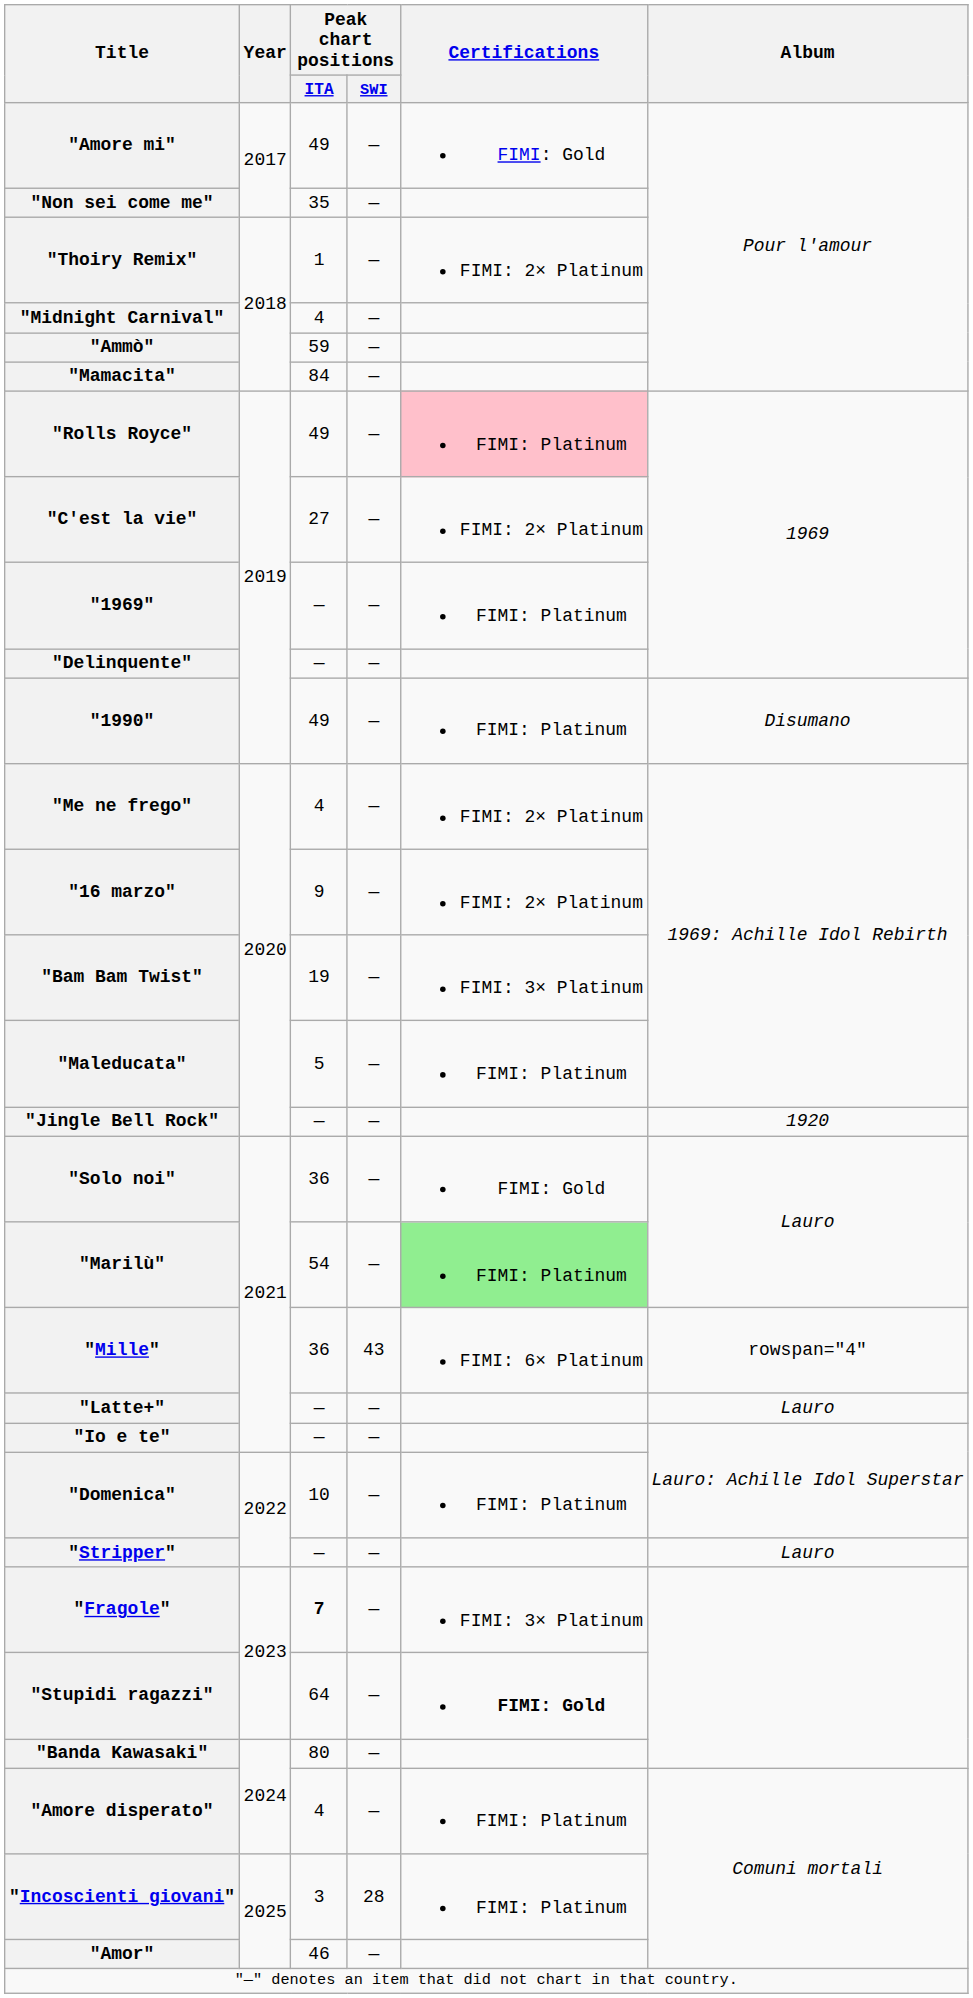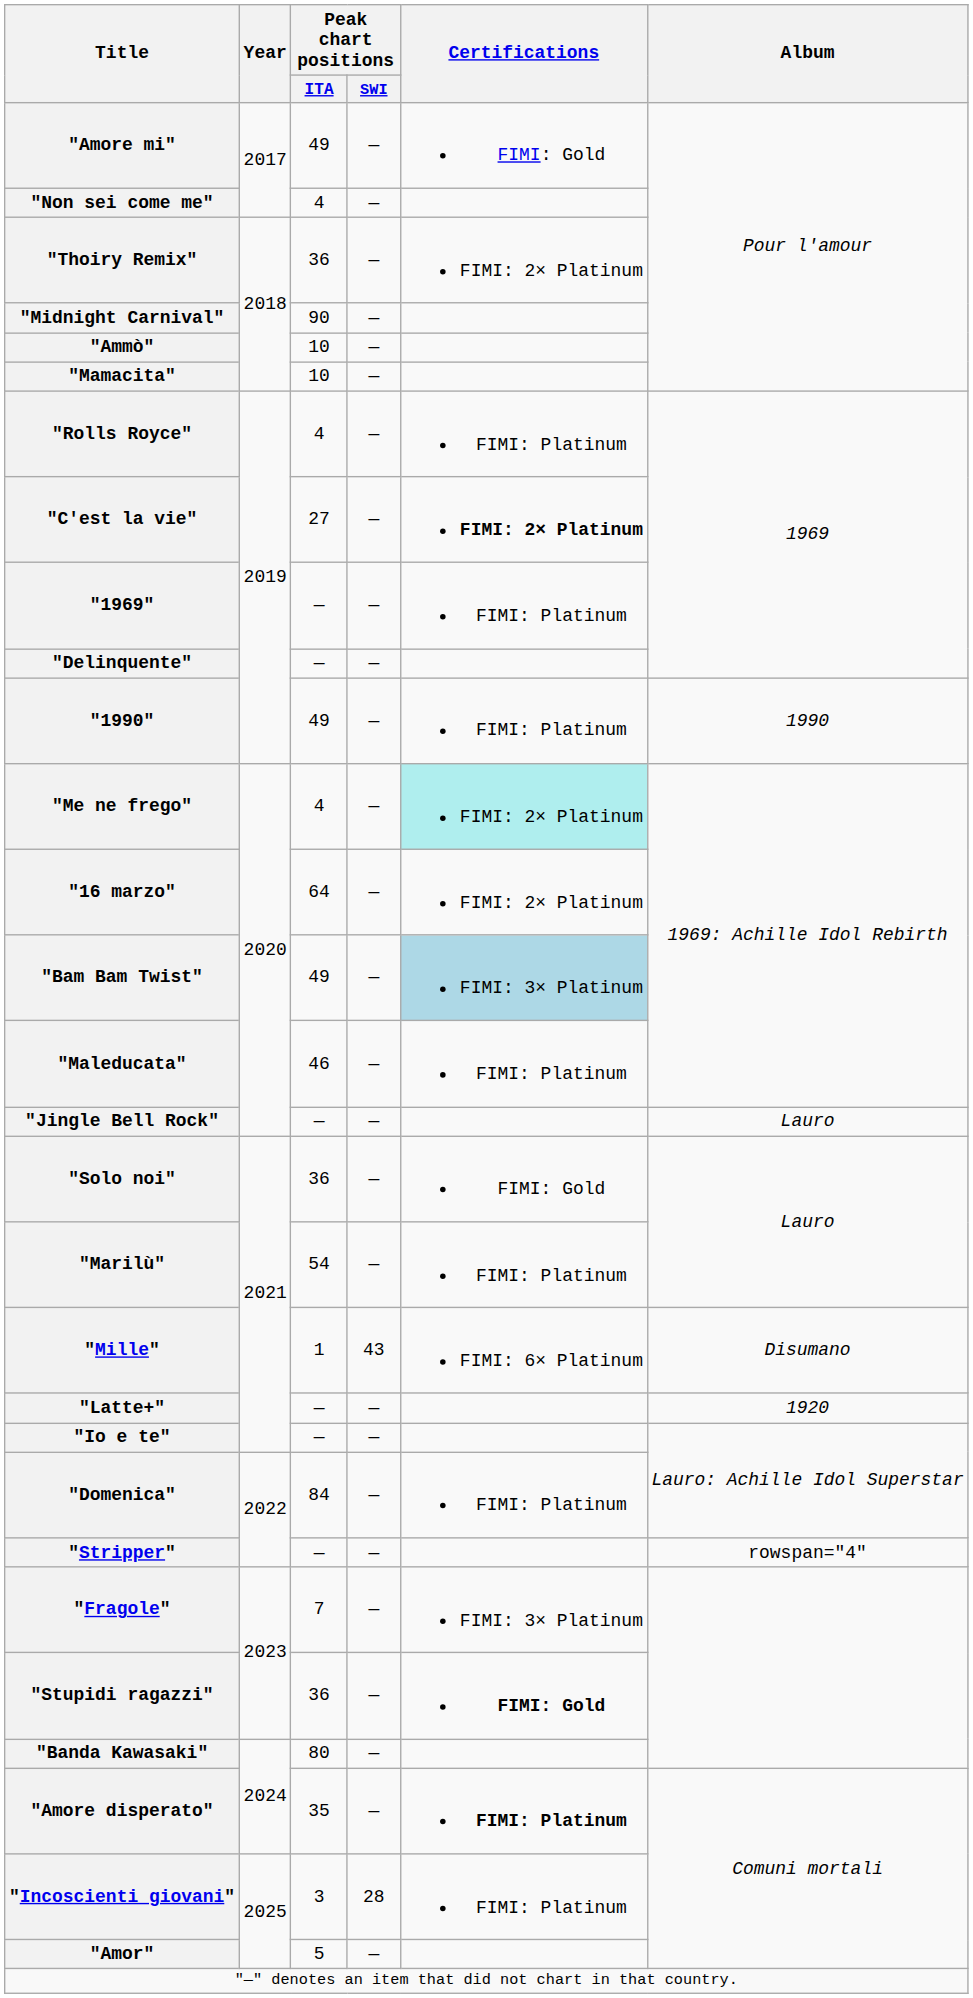 <table class="wikitable plainrowheaders" style="text-align:center;">
 <tr>
 <th scope="col" rowspan="2">Title</th>
 <th scope="col" rowspan="2">Year</th>
 <th scope="col" colspan="2">Peak chart positions</th>
 <th scope="col" rowspan="2"><a href='#'>Certifications</a></th>
 <th scope="col" rowspan="2">Album</th>
 </tr>
 <tr>
 <th scope="col" style="width:3em;font-size:90%;"><a href='#'>ITA</a><br></th>
 <th scope="col" style="width:3em;font-size:85%;"><a href='#'>SWI</a><br></th>
 </tr>
 <tr>
 <th scope="row">"Amore mi"</th>
 <td rowspan="2">2017</td>
 <td>49</td>
 <td>—</td>
 <td><br><ul><li><a href='#'>FIMI</a>: Gold</li></ul></td>
 <td rowspan="6"><em>Pour l'amour</em></td>
 </tr>
 <tr>
 <th scope="row">"Non sei come me"</th>
-<td>35</td>
+<td>4</td>
 <td>—</td>
 <td></td>
 </tr>
 <tr>
 <th scope="row">"Thoiry Remix"<br></th>
 <td rowspan="4">2018</td>
-<td>1</td>
+<td>36</td>
 <td>—</td>
 <td><br><ul><li>FIMI: 2× Platinum</li></ul></td>
 </tr>
 <tr>
 <th scope="row">"Midnight Carnival"<br></th>
-<td>4</td>
+<td>90</td>
 <td>—</td>
 <td></td>
 </tr>
 <tr>
 <th scope="row">"Ammò"<br></th>
-<td>59</td>
+<td>10</td>
 <td>—</td>
 <td></td>
 </tr>
 <tr>
 <th scope="row">"Mamacita"<br></th>
-<td>84</td>
+<td>10</td>
 <td>—</td>
 <td></td>
 </tr>
 <tr>
 <th scope="row">"Rolls Royce"<br></th>
 <td rowspan="5">2019</td>
-<td>49</td>
+<td>4</td>
 <td>—</td>
-<td style="background: pink;"><br><ul><li>FIMI: Platinum</li></ul></td>
+<td><br><ul><li>FIMI: Platinum</li></ul></td>
 <td rowspan="4"><em>1969</em></td>
 </tr>
 <tr>
 <th scope="row">"C'est la vie"</th>
 <td>27</td>
 <td>—</td>
-<td><br><ul><li>FIMI: 2× Platinum</li></ul></td>
+<td><strong><br><ul><li>FIMI: 2× Platinum</li></ul></strong></td>
 </tr>
 <tr>
 <th scope="row">"1969"<br></th>
 <td>—</td>
 <td>—</td>
 <td><br><ul><li>FIMI: Platinum</li></ul></td>
 </tr>
 <tr>
 <th scope="row">"Delinquente"</th>
 <td>—</td>
 <td>—</td>
 <td></td>
 </tr>
 <tr>
 <th scope="row">"1990"</th>
 <td>49</td>
 <td>—</td>
 <td><br><ul><li>FIMI: Platinum</li></ul></td>
-<td><em>Disumano</em> </td>
+<td><em>1990</em></td>
 </tr>
 <tr>
 <th scope="row">"Me ne frego"</th>
 <td rowspan="5">2020</td>
 <td>4</td>
 <td>—</td>
-<td><br><ul><li>FIMI: 2× Platinum</li></ul></td>
+<td style="background: paleturquoise;"><br><ul><li>FIMI: 2× Platinum</li></ul></td>
 <td rowspan="4"><em>1969: Achille Idol Rebirth</em></td>
 </tr>
 <tr>
 <th scope="row">"16 marzo"<br></th>
-<td>9</td>
+<td>64</td>
 <td>—</td>
 <td><br><ul><li>FIMI: 2× Platinum</li></ul></td>
 </tr>
 <tr>
 <th scope="row">"Bam Bam Twist"<br></th>
-<td>19</td>
+<td>49</td>
 <td>—</td>
-<td><br><ul><li>FIMI: 3× Platinum</li></ul></td>
+<td style="background: lightblue;"><br><ul><li>FIMI: 3× Platinum</li></ul></td>
 </tr>
 <tr>
 <th scope="row">"Maleducata"</th>
-<td>5<br></td>
+<td>46</td>
 <td>—</td>
 <td><br><ul><li>FIMI: Platinum</li></ul></td>
 </tr>
 <tr>
 <th scope="row">"Jingle Bell Rock"<br></th>
 <td>—</td>
 <td>—</td>
 <td></td>
-<td><em>1920</em></td>
+<td><em>Lauro</em></td>
 </tr>
 <tr>
 <th scope="row">"Solo noi"</th>
 <td rowspan="5">2021</td>
 <td>36</td>
 <td>—</td>
 <td><br><ul><li>FIMI: Gold</li></ul></td>
 <td rowspan="2"><em>Lauro</em></td>
 </tr>
 <tr>
 <th scope="row">"Marilù"</th>
 <td>54</td>
 <td>—</td>
-<td style="background: lightgreen;"><br><ul><li>FIMI: Platinum</li></ul></td>
+<td><br><ul><li>FIMI: Platinum</li></ul></td>
 </tr>
 <tr>
 <th scope="row">"<a href='#'>Mille</a>"<br></th>
-<td>36</td>
+<td>1</td>
 <td>43</td>
 <td><br><ul><li>FIMI: 6× Platinum</li></ul></td>
-<td>rowspan="4" </td>
+<td><em>Disumano</em> </td>
 </tr>
 <tr>
 <th scope="row">"Latte+"</th>
 <td>—</td>
 <td>—</td>
 <td></td>
-<td><em>Lauro</em></td>
+<td><em>1920</em></td>
 </tr>
 <tr>
 <th scope="row">"Io e te"</th>
 <td>—</td>
 <td>—</td>
 <td></td>
 <td rowspan="2"><em>Lauro: Achille Idol Superstar</em></td>
 </tr>
 <tr>
 <th scope="row">"Domenica"</th>
 <td rowspan="2">2022</td>
-<td>10</td>
+<td>84</td>
 <td>—</td>
 <td><br><ul><li>FIMI: Platinum</li></ul></td>
 </tr>
 <tr>
 <th scope="row">"<a href='#'>Stripper</a>"</th>
 <td>—</td>
 <td>—</td>
 <td></td>
-<td><em>Lauro</em></td>
+<td>rowspan="4" </td>
 </tr>
 <tr>
 <th scope="row">"<a href='#'>Fragole</a>"<br></th>
 <td rowspan="2">2023</td>
-<td><strong>7</strong></td>
+<td>7</td>
 <td>—</td>
 <td><br><ul><li>FIMI: 3× Platinum</li></ul></td>
 </tr>
 <tr>
 <th scope="row">"Stupidi ragazzi"</th>
-<td>64</td>
+<td>36</td>
 <td>—</td>
 <td><strong><br><ul><li>FIMI: Gold</li></ul></strong></td>
 </tr>
 <tr>
 <th scope="row">"Banda Kawasaki"<br></th>
 <td rowspan="2">2024</td>
 <td>80</td>
 <td>—</td>
 <td></td>
 </tr>
 <tr>
 <th scope="row">"Amore disperato"</th>
-<td>4</td>
+<td>35</td>
 <td>—</td>
-<td><br><ul><li>FIMI: Platinum</li></ul></td>
+<td><strong><br><ul><li>FIMI: Platinum</li></ul></strong></td>
 <td rowspan="3"><em>Comuni mortali</em></td>
 </tr>
 <tr>
 <th scope="row">"<a href='#'>Incoscienti giovani</a>"</th>
 <td rowspan="2">2025</td>
 <td>3<br></td>
 <td>28</td>
 <td><br><ul><li>FIMI: Platinum</li></ul></td>
 </tr>
 <tr>
 <th scope="row">"Amor"</th>
-<td>46</td>
+<td>5<br></td>
 <td>—</td>
 <td></td>
 </tr>
 <tr>
 <td colspan="7" style="font-size:85%">"—" denotes an item that did not chart in that country.</td>
 </tr>
 </table>
